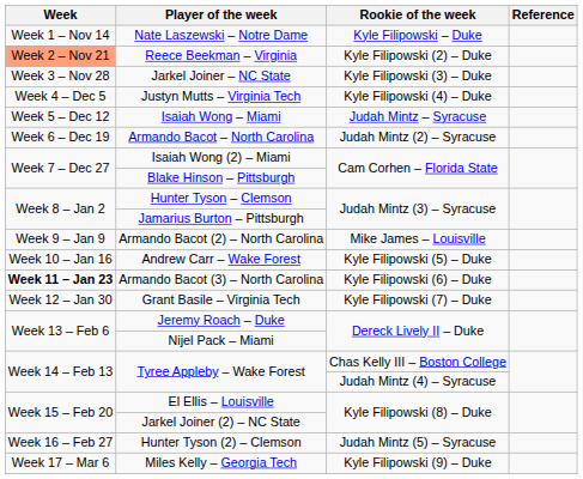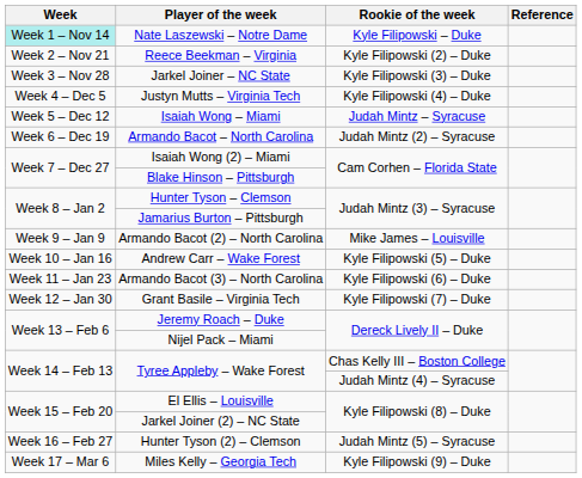 <table class="wikitable" border="1" style="text-align:center;">
 <tr>
 <th>Week</th>
 <th>Player of the week</th>
 <th>Rookie of the week</th>
 <th>Reference</th>
 </tr>
 <tr>
-<td>Week 1 – Nov 14</td>
+<td style="background: paleturquoise;">Week 1 – Nov 14</td>
 <td><a href='#'>Nate Laszewski</a> – <a href='#'>Notre Dame</a></td>
 <td><a href='#'>Kyle Filipowski</a> – <a href='#'>Duke</a></td>
 <td></td>
 </tr>
 <tr>
-<td style="background: lightsalmon;">Week 2 – Nov 21</td>
+<td>Week 2 – Nov 21</td>
 <td><a href='#'>Reece Beekman</a> – <a href='#'>Virginia</a></td>
 <td>Kyle Filipowski (2) – Duke</td>
 <td></td>
 </tr>
 <tr>
 <td>Week 3 – Nov 28</td>
 <td>Jarkel Joiner – <a href='#'>NC State</a></td>
 <td>Kyle Filipowski (3) – Duke</td>
 <td></td>
 </tr>
 <tr>
 <td>Week 4 – Dec 5</td>
 <td>Justyn Mutts – <a href='#'>Virginia Tech</a></td>
 <td>Kyle Filipowski (4) – Duke</td>
 <td></td>
 </tr>
 <tr>
 <td>Week 5 – Dec 12</td>
 <td><a href='#'>Isaiah Wong</a> – <a href='#'>Miami</a></td>
 <td><a href='#'>Judah Mintz</a> – <a href='#'>Syracuse</a></td>
 <td></td>
 </tr>
 <tr>
 <td>Week 6 – Dec 19</td>
 <td><a href='#'>Armando Bacot</a> – <a href='#'>North Carolina</a></td>
 <td>Judah Mintz (2) – Syracuse</td>
 <td></td>
 </tr>
 <tr>
 <td rowspan=2>Week 7 – Dec 27</td>
 <td>Isaiah Wong (2) – Miami</td>
 <td rowspan=2>Cam Corhen – <a href='#'>Florida State</a></td>
 <td rowspan=2></td>
 </tr>
 <tr>
 <td><a href='#'>Blake Hinson</a> – <a href='#'>Pittsburgh</a></td>
 </tr>
 <tr>
 <td rowspan=2>Week 8 – Jan 2</td>
 <td><a href='#'>Hunter Tyson</a> – <a href='#'>Clemson</a></td>
 <td rowspan=2>Judah Mintz (3) – Syracuse</td>
 <td rowspan=2></td>
 </tr>
 <tr>
 <td><a href='#'>Jamarius Burton</a> – Pittsburgh</td>
 </tr>
 <tr>
 <td>Week 9 – Jan 9</td>
 <td>Armando Bacot (2) – North Carolina</td>
 <td>Mike James – <a href='#'>Louisville</a></td>
 <td></td>
 </tr>
 <tr>
 <td>Week 10 – Jan 16</td>
 <td>Andrew Carr – <a href='#'>Wake Forest</a></td>
 <td>Kyle Filipowski (5) – Duke</td>
 <td></td>
 </tr>
 <tr>
-<td><strong>Week 11 – Jan 23</strong></td>
+<td>Week 11 – Jan 23</td>
 <td>Armando Bacot (3) – North Carolina</td>
 <td>Kyle Filipowski (6) – Duke</td>
 <td></td>
 </tr>
 <tr>
 <td>Week 12 – Jan 30</td>
 <td>Grant Basile – Virginia Tech</td>
 <td>Kyle Filipowski (7) – Duke</td>
 <td></td>
 </tr>
 <tr>
 <td rowspan=2>Week 13 – Feb 6</td>
 <td><a href='#'>Jeremy Roach</a> – <a href='#'>Duke</a></td>
 <td rowspan=2><a href='#'>Dereck Lively II</a> – Duke</td>
 <td rowspan=2></td>
 </tr>
 <tr>
 <td>Nijel Pack – Miami</td>
 </tr>
 <tr>
 <td rowspan=2>Week 14 – Feb 13</td>
 <td rowspan=2><a href='#'>Tyree Appleby</a> – Wake Forest</td>
 <td>Chas Kelly III – <a href='#'>Boston College</a></td>
 <td rowspan=2></td>
 </tr>
 <tr>
 <td>Judah Mintz (4) – Syracuse</td>
 </tr>
 <tr>
 <td rowspan=2>Week 15 – Feb 20</td>
 <td>El Ellis – <a href='#'>Louisville</a></td>
 <td rowspan=2>Kyle Filipowski (8) – Duke</td>
 <td rowspan=2></td>
 </tr>
 <tr>
 <td>Jarkel Joiner (2) – NC State</td>
 </tr>
 <tr>
 <td>Week 16 – Feb 27</td>
 <td>Hunter Tyson (2) – Clemson</td>
 <td>Judah Mintz (5) – Syracuse</td>
 <td></td>
 </tr>
 <tr>
 <td>Week 17 – Mar 6</td>
 <td>Miles Kelly – <a href='#'>Georgia Tech</a></td>
 <td>Kyle Filipowski (9) – Duke</td>
 <td></td>
 </tr>
 </table>
